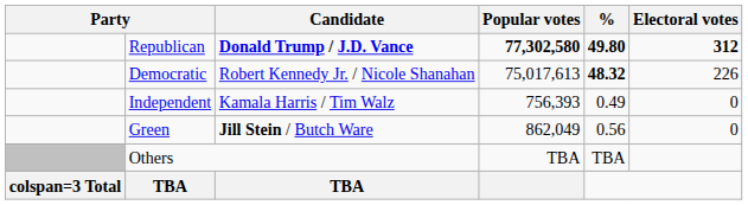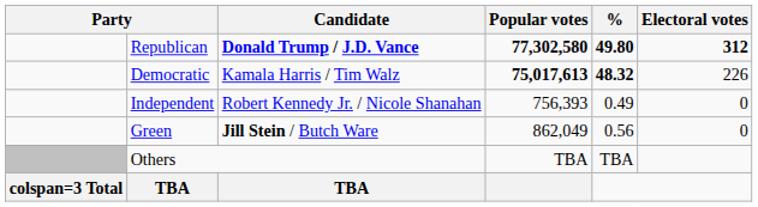 <table class="wikitable" style="text-align:right; line-height:1.2">
 <tr>
 <th colspan=2>Party</th>
 <th>Candidate</th>
 <th>Popular votes</th>
 <th>%</th>
 <th>Electoral votes</th>
 </tr>
 <tr>
 <td style=background-color:></td>
 <td align=left><a href='#'>Republican</a></td>
 <td align=left><strong><a href='#'>Donald Trump</a> / <a href='#'>J.D. Vance</a></strong></td>
 <td><strong>77,302,580</strong></td>
 <td><strong>49.80</strong></td>
 <td><strong>312</strong></td>
 </tr>
 <tr>
 <td style=background:></td>
 <td align=left><a href='#'>Democratic</a></td>
-<td align=left><a href='#'>Robert Kennedy Jr.</a> / <a href='#'>Nicole Shanahan</a></td>
-<td>75,017,613</td>
+<td align=left><a href='#'>Kamala Harris</a> / <a href='#'>Tim Walz</a></td>
+<td><strong>75,017,613</strong></td>
 <td><strong>48.32</strong></td>
 <td>226</td>
 </tr>
 <tr>
 <td style=background:></td>
 <td align=left><a href='#'>Independent</a></td>
-<td align=left><a href='#'>Kamala Harris</a> / <a href='#'>Tim Walz</a></td>
+<td align=left><a href='#'>Robert Kennedy Jr.</a> / <a href='#'>Nicole Shanahan</a></td>
 <td>756,393</td>
 <td>0.49</td>
 <td>0</td>
 </tr>
 <tr>
 <td style=background:></td>
 <td align=left><a href='#'>Green</a></td>
 <td align=left><strong>Jill Stein</strong> / <a href='#'>Butch Ware</a></td>
 <td>862,049</td>
 <td>0.56</td>
 <td>0</td>
 </tr>
 <tr>
 <td bgcolor=#C0C0C0></td>
 <td colspan=2 align=left>Others</td>
 <td>TBA</td>
 <td>TBA</td>
 <td></td>
 </tr>
 <tr>
 <th>colspan=3  Total</th>
 <th> TBA</th>
 <th> TBA</th>
 <th></th>
 </tr>
 </table>
